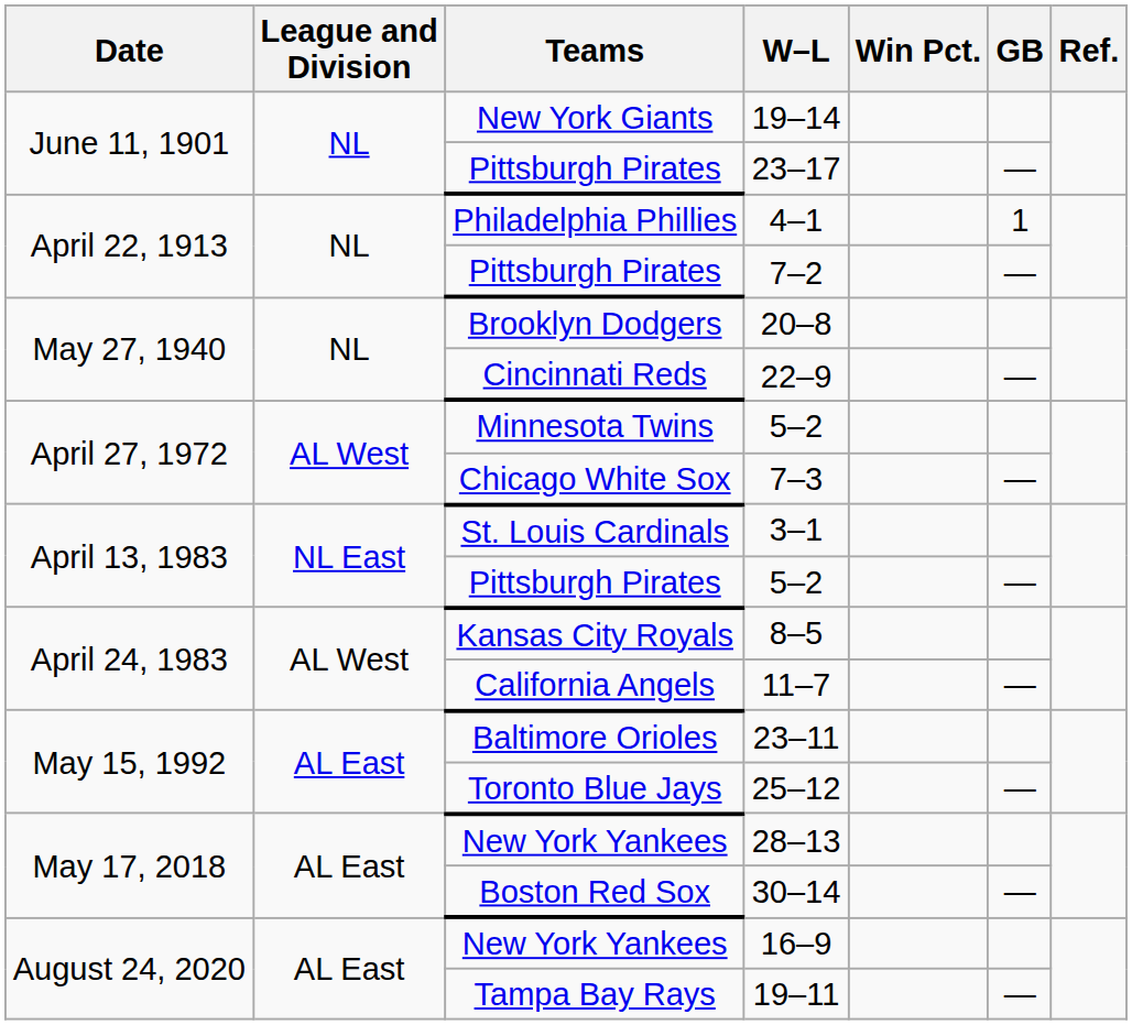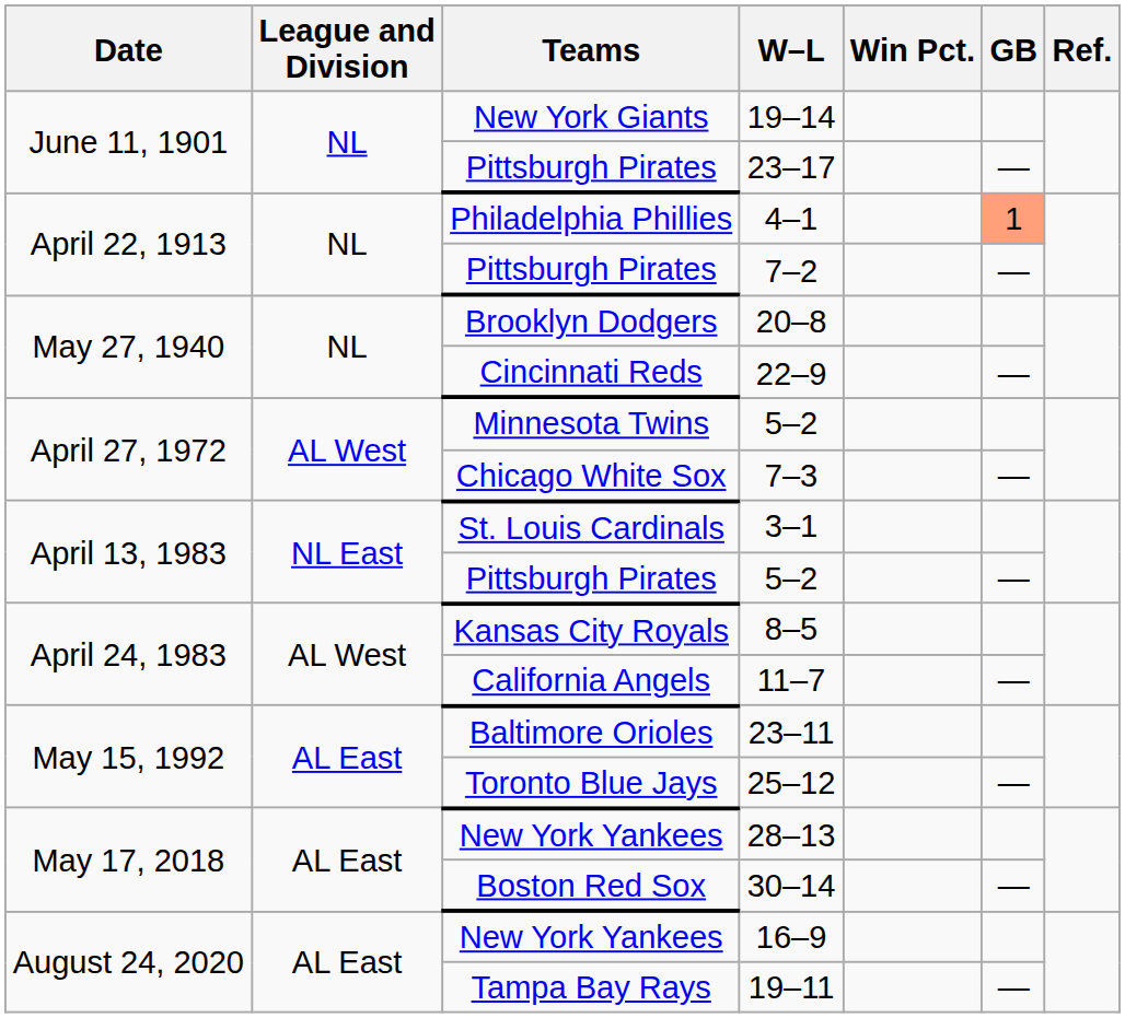 <table class="wikitable" style="text-align:center; font-size: 95%;">
 <tr>
 <th>Date</th>
 <th>League and<br>Division</th>
 <th>Teams</th>
 <th>W–L</th>
 <th>Win Pct.</th>
 <th>GB</th>
 <th>Ref.</th>
 </tr>
 <tr>
 <td rowspan=2>June 11, 1901</td>
 <td rowspan=2><a href='#'>NL</a></td>
 <td><a href='#'>New York Giants</a></td>
 <td>19–14</td>
 <td></td>
 <td></td>
 <td rowspan=2></td>
 </tr>
 <tr>
 <td style="border-bottom:2px solid black"><a href='#'>Pittsburgh Pirates</a></td>
 <td>23–17</td>
 <td></td>
 <td>—</td>
 </tr>
 <tr>
 <td rowspan=2>April 22, 1913</td>
 <td rowspan=2>NL</td>
 <td><a href='#'>Philadelphia Phillies</a></td>
 <td>4–1</td>
 <td></td>
-<td>1</td>
+<td style="background: lightsalmon;">1</td>
 <td rowspan=2></td>
 </tr>
 <tr>
 <td style="border-bottom:2px solid black"><a href='#'>Pittsburgh Pirates</a></td>
 <td>7–2</td>
 <td></td>
 <td>—</td>
 </tr>
 <tr>
 <td rowspan=2>May 27, 1940</td>
 <td rowspan=2>NL</td>
 <td><a href='#'>Brooklyn Dodgers</a></td>
 <td>20–8</td>
 <td></td>
 <td></td>
 <td rowspan=2></td>
 </tr>
 <tr>
 <td style="border-bottom:2px solid black"><a href='#'>Cincinnati Reds</a></td>
 <td>22–9</td>
 <td></td>
 <td>—</td>
 </tr>
 <tr>
 <td rowspan=2>April 27, 1972</td>
 <td rowspan=2><a href='#'>AL West</a></td>
 <td><a href='#'>Minnesota Twins</a></td>
 <td>5–2</td>
 <td></td>
 <td></td>
 <td rowspan=2></td>
 </tr>
 <tr>
 <td style="border-bottom:2px solid black"><a href='#'>Chicago White Sox</a></td>
 <td>7–3</td>
 <td></td>
 <td>—</td>
 </tr>
 <tr>
 <td rowspan=2>April 13, 1983</td>
 <td rowspan=2><a href='#'>NL East</a></td>
 <td><a href='#'>St. Louis Cardinals</a></td>
 <td>3–1</td>
 <td></td>
 <td></td>
 <td rowspan=2></td>
 </tr>
 <tr>
 <td style="border-bottom:2px solid black"><a href='#'>Pittsburgh Pirates</a></td>
 <td>5–2</td>
 <td></td>
 <td>—</td>
 </tr>
 <tr>
 <td rowspan=2>April 24, 1983</td>
 <td rowspan=2>AL West</td>
 <td><a href='#'>Kansas City Royals</a></td>
 <td>8–5</td>
 <td></td>
 <td></td>
 <td rowspan=2></td>
 </tr>
 <tr>
 <td style="border-bottom:2px solid black"><a href='#'>California Angels</a></td>
 <td>11–7</td>
 <td></td>
 <td>—</td>
 </tr>
 <tr>
 <td rowspan=2>May 15, 1992</td>
 <td rowspan=2><a href='#'>AL East</a></td>
 <td><a href='#'>Baltimore Orioles</a></td>
 <td>23–11</td>
 <td></td>
 <td></td>
 <td rowspan=2></td>
 </tr>
 <tr>
 <td style="border-bottom:2px solid black"><a href='#'>Toronto Blue Jays</a></td>
 <td>25–12</td>
 <td></td>
 <td>—</td>
 </tr>
 <tr>
 <td rowspan=2>May 17, 2018</td>
 <td rowspan=2>AL East</td>
 <td><a href='#'>New York Yankees</a></td>
 <td>28–13</td>
 <td></td>
 <td></td>
 <td rowspan=2></td>
 </tr>
 <tr>
 <td style="border-bottom:2px solid black"><a href='#'>Boston Red Sox</a></td>
 <td>30–14</td>
 <td></td>
 <td>—</td>
 </tr>
 <tr>
 <td rowspan=2>August 24, 2020</td>
 <td rowspan=2>AL East</td>
 <td><a href='#'>New York Yankees</a></td>
 <td>16–9</td>
 <td></td>
 <td></td>
 <td rowspan=2></td>
 </tr>
 <tr>
 <td><a href='#'>Tampa Bay Rays</a></td>
 <td>19–11</td>
 <td></td>
 <td>—</td>
 </tr>
 </table>
